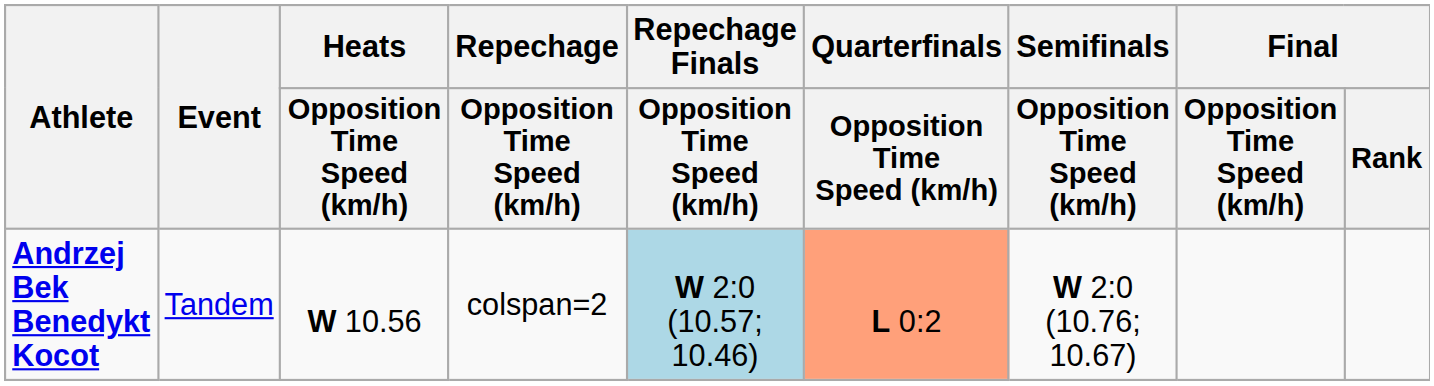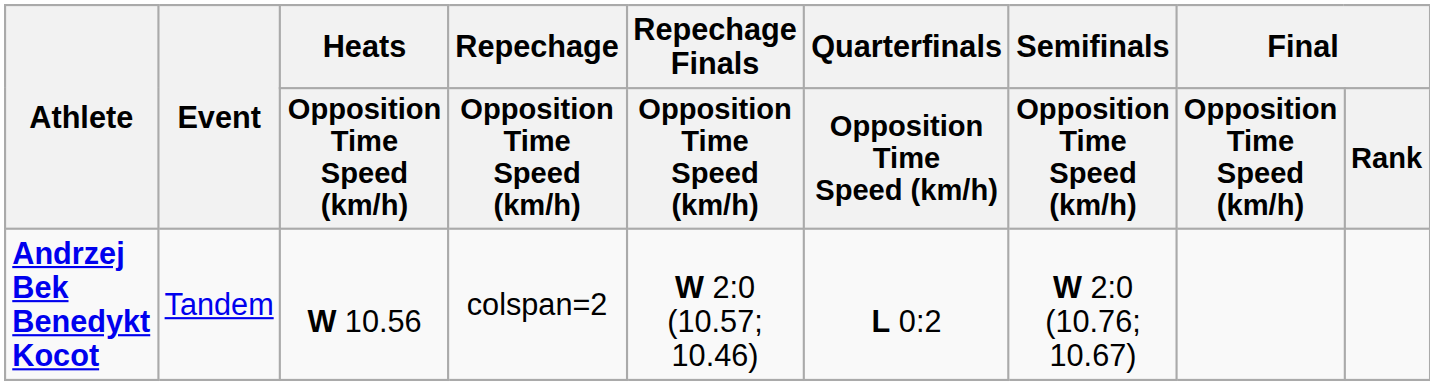 <table class="wikitable" style="font-size:90%">
 <tr>
 <th rowspan="2">Athlete</th>
 <th rowspan="2">Event</th>
 <th>Heats</th>
 <th>Repechage</th>
 <th>Repechage Finals</th>
 <th>Quarterfinals</th>
 <th>Semifinals</th>
 <th colspan=2>Final</th>
 </tr>
 <tr style="font-size:95%">
 <th>Opposition<br>Time<br>Speed (km/h)</th>
 <th>Opposition<br>Time<br>Speed (km/h)</th>
 <th>Opposition<br>Time<br>Speed (km/h)</th>
 <th>Opposition<br>Time<br>Speed (km/h)</th>
 <th>Opposition<br>Time<br>Speed (km/h)</th>
 <th>Opposition<br>Time<br>Speed (km/h)</th>
 <th>Rank</th>
 </tr>
 <tr align=center>
 <td align=left><strong><a href='#'>Andrzej Bek</a><br><a href='#'>Benedykt Kocot</a></strong></td>
 <td align=left><a href='#'>Tandem</a></td>
 <td><br><strong>W</strong> 10.56</td>
 <td>colspan=2 </td>
-<td style="background: lightblue;"><br><strong>W</strong> 2:0 (10.57; 10.46)</td>
-<td style="background: lightsalmon;"><br><strong>L</strong> 0:2</td>
+<td><br><strong>W</strong> 2:0 (10.57; 10.46)</td>
+<td><br><strong>L</strong> 0:2</td>
 <td><br><strong>W</strong> 2:0 (10.76; 10.67)</td>
 <td></td>
 </tr>
 </table>
